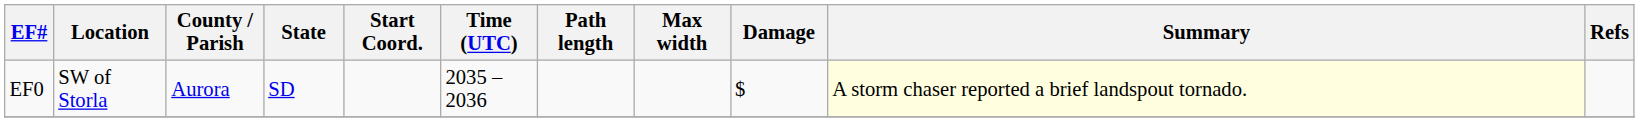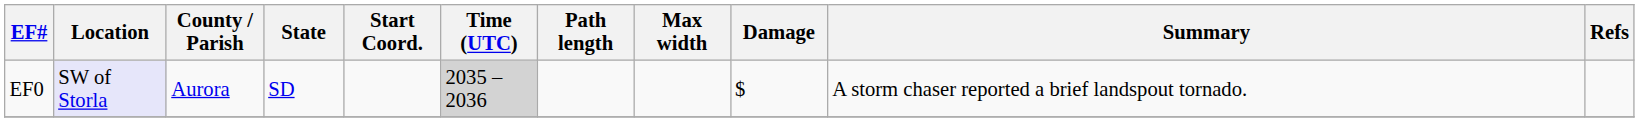 <table class="wikitable sortable" style="width:100%;">
 <tr>
 <th scope="col" width="3%" align="center"><a href='#'>EF#</a></th>
 <th scope="col" width="7%" align="center" class="unsortable">Location</th>
 <th scope="col" width="6%" align="center" class="unsortable">County / Parish</th>
 <th scope="col" width="5%" align="center">State</th>
 <th scope="col" width="6%" align="center">Start Coord.</th>
 <th scope="col" width="6%" align="center">Time (<a href='#'>UTC</a>)</th>
 <th scope="col" width="6%" align="center">Path length</th>
 <th scope="col" width="6%" align="center">Max width</th>
 <th scope="col" width="6%" align="center">Damage</th>
 <th scope="col" width="48%" class="unsortable" align="center">Summary</th>
 <th scope="col" width="48%" class="unsortable" align="center">Refs</th>
 </tr>
 <tr>
 <td>EF0</td>
-<td>SW of <a href='#'>Storla</a></td>
+<td style="background: lavender;">SW of <a href='#'>Storla</a></td>
 <td><a href='#'>Aurora</a></td>
 <td><a href='#'>SD</a></td>
 <td></td>
-<td>2035 – 2036</td>
+<td style="background: lightgrey;">2035 – 2036</td>
 <td></td>
 <td></td>
 <td>$</td>
-<td style="background: lightyellow;">A storm chaser reported a brief landspout tornado.</td>
+<td>A storm chaser reported a brief landspout tornado.</td>
 <td></td>
 </tr>
 <tr>
 </tr>
 </table>
